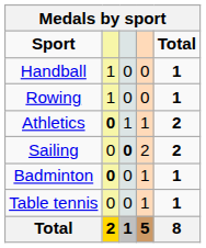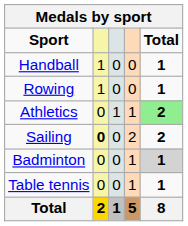 <table class="wikitable" style="font-size:85%">
 <tr style="background:#efefef;">
 <th colspan=5>Medals by sport</th>
 </tr>
 <tr align=center>
 <td><strong>Sport</strong></td>
 <td bgcolor=#f7f6a8></td>
 <td bgcolor=#dce5e5></td>
 <td bgcolor=#ffdab9></td>
 <td><strong>Total</strong></td>
 </tr>
 <tr align=center>
 <td><a href='#'>Handball</a></td>
 <td style="background:#F7F6A8;">1</td>
 <td style="background:#DCE5E5;">0</td>
 <td style="background:#FFDAB9;">0</td>
 <td><strong>1</strong></td>
 </tr>
 <tr align=center>
 <td><a href='#'>Rowing</a></td>
 <td style="background:#F7F6A8;">1</td>
 <td style="background:#DCE5E5;">0</td>
 <td style="background:#FFDAB9;">0</td>
 <td><strong>1</strong></td>
 </tr>
 <tr align=center>
 <td><a href='#'>Athletics</a></td>
-<td style="background:#F7F6A8;"><strong>0</strong></td>
+<td style="background:#F7F6A8;">0</td>
 <td style="background:#DCE5E5;">1</td>
 <td style="background:#FFDAB9;">1</td>
-<td><strong>2</strong></td>
+<td style="background: lightgreen;"><strong>2</strong></td>
 </tr>
 <tr align=center>
 <td><a href='#'>Sailing</a></td>
-<td style="background:#F7F6A8;">0</td>
-<td style="background:#DCE5E5;"><strong>0</strong></td>
+<td style="background:#F7F6A8;"><strong>0</strong></td>
+<td style="background:#DCE5E5;">0</td>
 <td style="background:#FFDAB9;">2</td>
 <td><strong>2</strong></td>
 </tr>
 <tr align=center>
 <td><a href='#'>Badminton</a></td>
-<td style="background:#F7F6A8;"><strong>0</strong></td>
+<td style="background:#F7F6A8;">0</td>
 <td style="background:#DCE5E5;">0</td>
 <td style="background:#FFDAB9;">1</td>
-<td><strong>1</strong></td>
+<td style="background: lightgrey;"><strong>1</strong></td>
 </tr>
 <tr align=center>
 <td><a href='#'>Table tennis</a></td>
 <td style="background:#F7F6A8;">0</td>
 <td style="background:#DCE5E5;">0</td>
 <td style="background:#FFDAB9;">1</td>
 <td><strong>1</strong></td>
 </tr>
 <tr align=center>
 <th>Total</th>
 <th style="background:gold;">2</th>
 <th style="background:silver;">1</th>
 <th style="background:#c96;">5</th>
 <th>8</th>
 </tr>
 </table>
